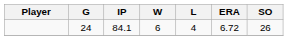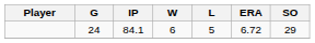 <table class="wikitable sortable">
 <tr>
 <th bgcolor="#DDDDFF" width="16%">Player</th>
 <th bgcolor="#DDDDFF" width="9%">G</th>
 <th bgcolor="#DDDDFF" width="9%">IP</th>
 <th bgcolor="#DDDDFF" width="9%">W</th>
 <th bgcolor="#DDDDFF" width="9%">L</th>
 <th bgcolor="#DDDDFF" width="9%">ERA</th>
 <th bgcolor="#DDDDFF" width="9%">SO</th>
 </tr>
 <tr align="center">
 <td></td>
 <td>24</td>
 <td>84.1</td>
 <td>6</td>
-<td>4</td>
+<td>5</td>
 <td>6.72</td>
-<td>26</td>
+<td>29</td>
 </tr>
 <tr align="center">
 </tr>
 </table>
